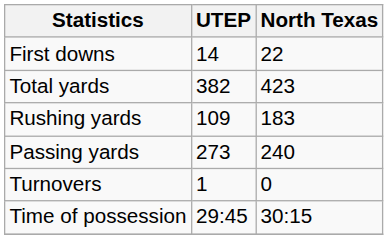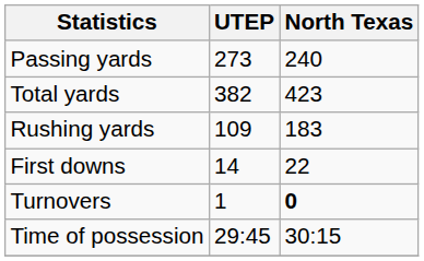 <table class="wikitable">
 <tr>
 <th>Statistics</th>
 <th>UTEP</th>
 <th>North Texas</th>
 </tr>
 <tr>
-<td>First downs</td>
-<td>14</td>
-<td>22</td>
+<td>Passing yards</td>
+<td>273</td>
+<td>240</td>
 </tr>
 <tr>
 <td>Total yards</td>
 <td>382</td>
 <td>423</td>
 </tr>
 <tr>
 <td>Rushing yards</td>
 <td>109</td>
 <td>183</td>
 </tr>
 <tr>
-<td>Passing yards</td>
-<td>273</td>
-<td>240</td>
+<td>First downs</td>
+<td>14</td>
+<td>22</td>
 </tr>
 <tr>
 <td>Turnovers</td>
 <td>1</td>
-<td>0</td>
+<td><strong>0</strong></td>
 </tr>
 <tr>
 <td>Time of possession</td>
 <td>29:45</td>
 <td>30:15</td>
 </tr>
 <tr>
 </tr>
 </table>
